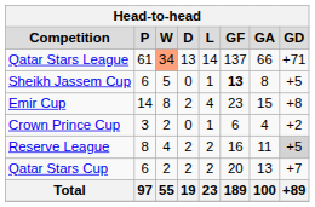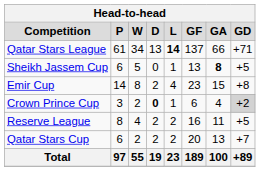 <table class="wikitable sortable" style="text-align:center">
 <tr>
 <th colspan=10>Head-to-head</th>
 </tr>
 <tr>
 <th style="background:#DCDCDC">Competition</th>
 <th style="background:#DCDCDC">P</th>
 <th style="background:#DCDCDC">W</th>
 <th style="background:#DCDCDC">D</th>
 <th style="background:#DCDCDC">L</th>
 <th style="background:#DCDCDC">GF</th>
 <th style="background:#DCDCDC">GA</th>
 <th style="background:#DCDCDC">GD</th>
 </tr>
 <tr>
 <td align=left><a href='#'>Qatar Stars League</a></td>
 <td>61</td>
-<td style="background: lightsalmon;">34</td>
+<td>34</td>
 <td>13</td>
-<td>14</td>
+<td><strong>14</strong></td>
 <td>137</td>
 <td>66</td>
 <td>+71</td>
 </tr>
 <tr>
 <td align=left><a href='#'>Sheikh Jassem Cup</a></td>
 <td>6</td>
 <td>5</td>
 <td>0</td>
 <td>1</td>
-<td><strong>13</strong></td>
-<td>8</td>
+<td>13</td>
+<td><strong>8</strong></td>
 <td>+5</td>
 </tr>
 <tr>
 <td align=left><a href='#'>Emir Cup</a></td>
 <td>14</td>
 <td>8</td>
 <td>2</td>
 <td>4</td>
 <td>23</td>
 <td>15</td>
 <td>+8</td>
 </tr>
 <tr>
 <td align=left><a href='#'>Crown Prince Cup</a></td>
 <td>3</td>
 <td>2</td>
-<td>0</td>
+<td><strong>0</strong></td>
 <td>1</td>
 <td>6</td>
 <td>4</td>
-<td>+2</td>
+<td style="background: lightgrey;">+2</td>
 </tr>
 <tr>
 <td align=left><a href='#'>Reserve League</a></td>
 <td>8</td>
 <td>4</td>
 <td>2</td>
 <td>2</td>
 <td>16</td>
 <td>11</td>
-<td style="background: lightgrey;">+5</td>
+<td>+5</td>
 </tr>
 <tr>
 <td align=left><a href='#'>Qatar Stars Cup</a></td>
 <td>6</td>
 <td>2</td>
 <td>2</td>
 <td>2</td>
 <td>20</td>
 <td>13</td>
 <td>+7</td>
 </tr>
 <tr>
 <th colspan="1">Total</th>
 <th>97</th>
 <th>55</th>
 <th>19</th>
 <th>23</th>
 <th>189</th>
 <th>100</th>
 <th>+89</th>
 </tr>
 <tr>
 </tr>
 </table>
